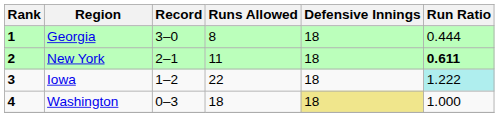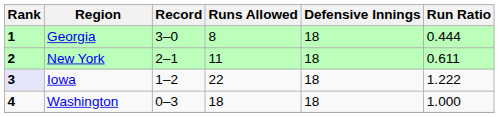 <table class="wikitable">
 <tr>
 <th>Rank</th>
 <th>Region</th>
 <th>Record</th>
 <th>Runs Allowed</th>
 <th>Defensive Innings</th>
 <th>Run Ratio</th>
 </tr>
 <tr bgcolor="bbffbb">
 <td><strong>1</strong></td>
 <td align="left" width="120"> <a href='#'>Georgia</a></td>
 <td>3–0</td>
 <td>8</td>
 <td>18</td>
 <td>0.444</td>
 </tr>
 <tr bgcolor="bbffbb">
 <td><strong>2</strong></td>
 <td align="left" width="120"> <a href='#'>New York</a></td>
 <td>2–1</td>
 <td>11</td>
 <td>18</td>
-<td><strong>0.611</strong></td>
+<td>0.611</td>
 </tr>
 <tr>
-<td><strong>3</strong></td>
+<td style="background: lavender;"><strong>3</strong></td>
 <td align="left" width="120"> <a href='#'>Iowa</a></td>
 <td>1–2</td>
 <td>22</td>
 <td>18</td>
-<td style="background: paleturquoise;">1.222</td>
+<td>1.222</td>
 </tr>
 <tr>
 <td><strong>4</strong></td>
 <td align="left" width="120"> <a href='#'>Washington</a></td>
 <td>0–3</td>
 <td>18</td>
-<td style="background: khaki;">18</td>
+<td>18</td>
 <td>1.000</td>
 </tr>
 <tr>
 </tr>
 </table>
